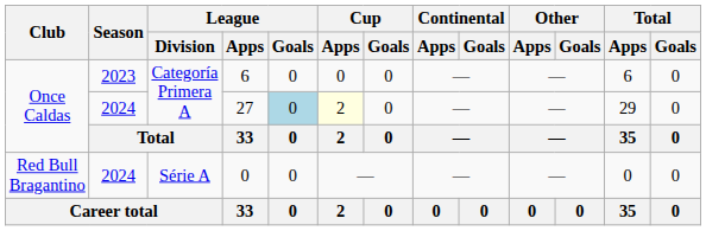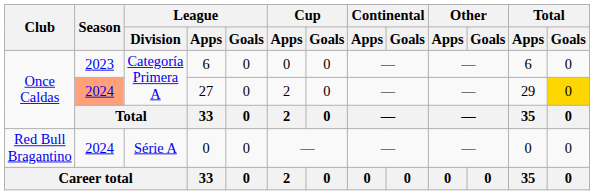 <table class="wikitable" style="text-align: center">
 <tr>
 <th rowspan="2">Club</th>
 <th rowspan="2">Season</th>
 <th colspan="3">League</th>
 <th colspan="2">Cup</th>
 <th colspan="2">Continental</th>
 <th colspan="2">Other</th>
 <th colspan="2">Total</th>
 </tr>
 <tr>
 <th>Division</th>
 <th>Apps</th>
 <th>Goals</th>
 <th>Apps</th>
 <th>Goals</th>
 <th>Apps</th>
 <th>Goals</th>
 <th>Apps</th>
 <th>Goals</th>
 <th>Apps</th>
 <th>Goals</th>
 </tr>
 <tr>
 <td rowspan="3"><a href='#'>Once Caldas</a></td>
 <td><a href='#'>2023</a></td>
 <td rowspan="2"><a href='#'>Categoría Primera A</a></td>
 <td>6</td>
 <td>0</td>
 <td>0</td>
 <td>0</td>
 <td colspan="2">—</td>
 <td colspan="2">—</td>
 <td>6</td>
 <td>0</td>
 </tr>
 <tr>
-<td><a href='#'>2024</a></td>
+<td style="background: lightsalmon;"><a href='#'>2024</a></td>
 <td>27</td>
-<td style="background: lightblue;">0</td>
-<td style="background: lightyellow;">2</td>
+<td>0</td>
+<td>2</td>
 <td>0</td>
 <td colspan="2">—</td>
 <td colspan="2">—</td>
 <td>29</td>
-<td>0</td>
+<td style="background: gold;">0</td>
 </tr>
 <tr>
 <th colspan="2"><strong>Total</strong></th>
 <th>33</th>
 <th>0</th>
 <th>2</th>
 <th>0</th>
 <th colspan="2">—</th>
 <th colspan="2">—</th>
 <th>35</th>
 <th>0</th>
 </tr>
 <tr>
 <td><a href='#'>Red Bull Bragantino</a></td>
 <td><a href='#'>2024</a></td>
 <td><a href='#'>Série A</a></td>
 <td>0</td>
 <td>0</td>
 <td colspan="2">—</td>
 <td colspan="2">—</td>
 <td colspan="2">—</td>
 <td>0</td>
 <td>0</td>
 </tr>
 <tr>
 <th colspan="3"><strong>Career total</strong></th>
 <th>33</th>
 <th>0</th>
 <th>2</th>
 <th>0</th>
 <th>0</th>
 <th>0</th>
 <th>0</th>
 <th>0</th>
 <th>35</th>
 <th>0</th>
 </tr>
 </table>
